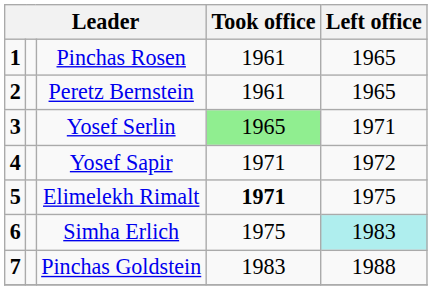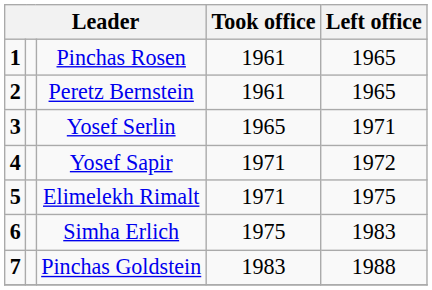 <table class="wikitable" style="text-align: center;">
 <tr>
 <th colspan="3">Leader</th>
 <th>Took office</th>
 <th>Left office</th>
 </tr>
 <tr>
 <td style="background: "><strong>1</strong></td>
 <td></td>
 <td><a href='#'>Pinchas Rosen</a></td>
 <td>1961</td>
 <td>1965</td>
 </tr>
 <tr>
 <td style="background: "><strong>2</strong></td>
 <td></td>
 <td><a href='#'>Peretz Bernstein</a></td>
 <td>1961</td>
 <td>1965</td>
 </tr>
 <tr>
 <td style="background: "><strong>3</strong></td>
 <td></td>
 <td><a href='#'>Yosef Serlin</a></td>
-<td style="background: lightgreen;">1965</td>
+<td>1965</td>
 <td>1971</td>
 </tr>
 <tr>
 <td style="background: "><strong>4</strong></td>
 <td></td>
 <td><a href='#'>Yosef Sapir</a></td>
 <td>1971</td>
 <td>1972</td>
 </tr>
 <tr>
 <td style="background: "><strong>5</strong></td>
 <td></td>
 <td><a href='#'>Elimelekh Rimalt</a></td>
-<td><strong>1971</strong></td>
+<td>1971</td>
 <td>1975</td>
 </tr>
 <tr>
 <td style="background: "><strong>6</strong></td>
 <td></td>
 <td><a href='#'>Simha Erlich</a></td>
 <td>1975</td>
-<td style="background: paleturquoise;">1983</td>
+<td>1983</td>
 </tr>
 <tr>
 <td style="background: "><strong>7</strong></td>
 <td></td>
 <td><a href='#'>Pinchas Goldstein</a></td>
 <td>1983</td>
 <td>1988</td>
 </tr>
 <tr>
 </tr>
 </table>
